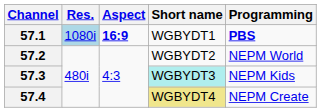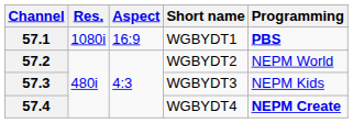 <table class="wikitable">
 <tr>
 <th><a href='#'>Channel</a></th>
 <th><a href='#'>Res.</a></th>
 <th><a href='#'>Aspect</a></th>
 <th>Short name</th>
 <th>Programming</th>
 </tr>
 <tr>
 <th scope = "row">57.1</th>
-<td style="background: lightblue;"><a href='#'>1080i</a></td>
-<td><strong><a href='#'>16:9</a></strong></td>
+<td><a href='#'>1080i</a></td>
+<td><a href='#'>16:9</a></td>
 <td>WGBYDT1</td>
 <td><strong><a href='#'>PBS</a></strong></td>
 </tr>
 <tr>
 <th scope = "row">57.2</th>
 <td rowspan=3><a href='#'>480i</a></td>
 <td rowspan=3><a href='#'>4:3</a></td>
 <td>WGBYDT2</td>
 <td><a href='#'>NEPM World</a></td>
 </tr>
 <tr>
 <th scope = "row">57.3</th>
-<td style="background: paleturquoise;">WGBYDT3</td>
+<td>WGBYDT3</td>
 <td><a href='#'>NEPM Kids</a></td>
 </tr>
 <tr>
 <th scope = "row">57.4</th>
-<td style="background: khaki;">WGBYDT4</td>
-<td><a href='#'>NEPM Create</a></td>
+<td>WGBYDT4</td>
+<td><strong><a href='#'>NEPM Create</a></strong></td>
 </tr>
 </table>
